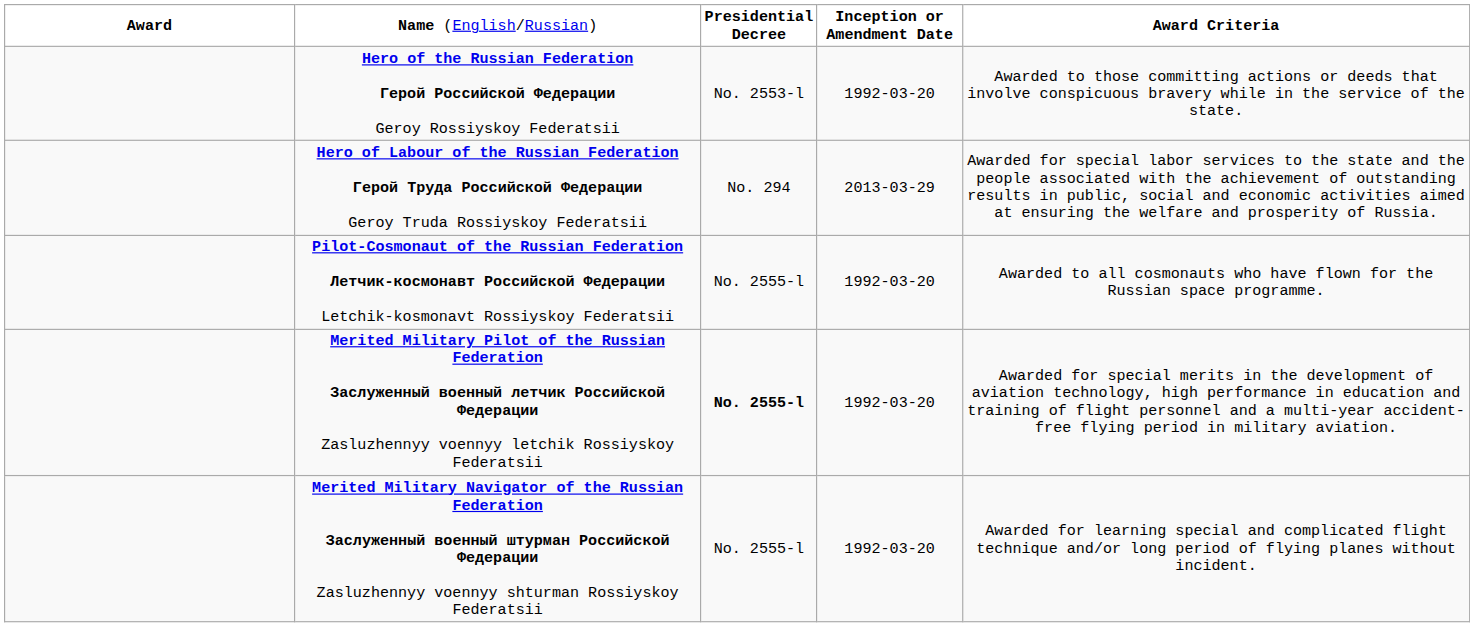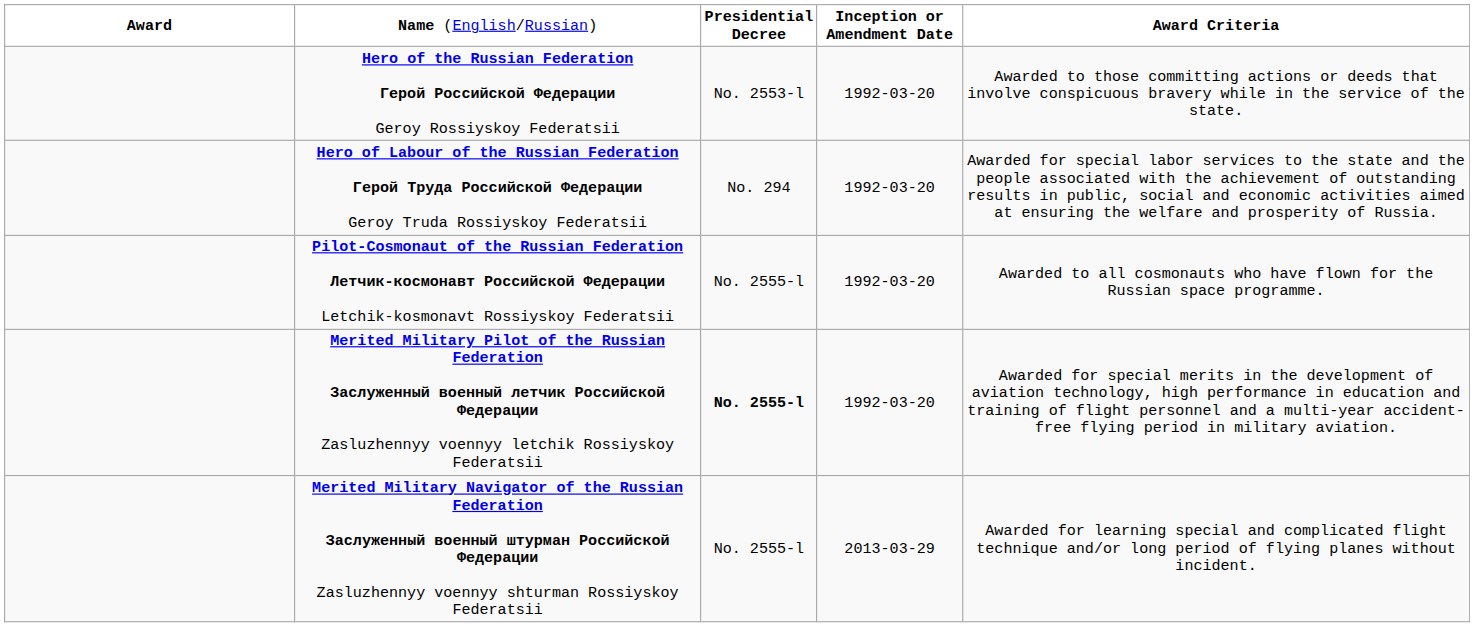 <table class="wikitable sortable" width="100%" style="text-align:center;">
 <tr>
 <td width="20%" bgcolor="#FFFFFF"><strong>Award</strong></td>
 <td width="28%" bgcolor="#FFFFFF"><strong>Name</strong> (<a href='#'>English</a>/<a href='#'>Russian</a>)</td>
 <td bgcolor="#FFFFFF" width="7%"><strong>Presidential Decree</strong></td>
 <td width="10%" bgcolor="#FFFFFF"><strong>Inception or Amendment Date</strong></td>
 <td width="35%" bgcolor="#FFFFFF"><strong>Award Criteria</strong></td>
 </tr>
 <tr>
 <td></td>
 <td><strong><a href='#'>Hero of the Russian Federation</a></strong><br><br><strong>Герой Российской Федерации</strong><br><br>Geroy Rossiyskoy Federatsii<br></td>
 <td>No. 2553-l</td>
 <td>1992-03-20</td>
 <td>Awarded to those committing actions or deeds that involve conspicuous bravery while in the service of the state.</td>
 </tr>
 <tr>
 <td></td>
 <td><strong><a href='#'>Hero of Labour of the Russian Federation</a></strong><br><br><strong>Герой Труда Российской Федерации</strong><br><br>Geroy Truda Rossiyskoy Federatsii<br></td>
 <td>No. 294</td>
-<td>2013-03-29</td>
+<td>1992-03-20</td>
 <td>Awarded for special labor services to the state and the people associated with the achievement of outstanding results in public, social and economic activities aimed at ensuring the welfare and prosperity of Russia.</td>
 </tr>
 <tr>
 <td></td>
 <td><strong><a href='#'>Pilot-Cosmonaut of the Russian Federation</a></strong><br><br><strong>Летчик-космонавт Российской Федерации</strong><br><br>Letchik-kosmonavt Rossiyskoy Federatsii</td>
 <td>No. 2555-l</td>
 <td>1992-03-20</td>
 <td>Awarded to all cosmonauts who have flown for the Russian space programme.</td>
 </tr>
 <tr>
 <td></td>
 <td><strong><a href='#'>Merited Military Pilot of the Russian Federation</a></strong><br><br><strong>Заслуженный военный летчик Российской Федерации</strong><br><br>Zasluzhennyy voennyy letchik Rossiyskoy Federatsii</td>
 <td><strong>No. 2555-l</strong></td>
 <td>1992-03-20</td>
 <td>Awarded for special merits in the development of aviation technology, high performance in education and training of flight personnel and a multi-year accident-free flying period in military aviation.</td>
 </tr>
 <tr>
 <td></td>
 <td><strong><a href='#'>Merited Military Navigator of the Russian Federation</a></strong><br><br><strong>Заслуженный военный штурман Российской Федерации</strong><br><br>Zasluzhennyy voennyy shturman Rossiyskoy Federatsii</td>
 <td>No. 2555-l</td>
-<td>1992-03-20</td>
+<td>2013-03-29</td>
 <td>Awarded for learning special and complicated flight technique and/or long period of flying planes without incident.</td>
 </tr>
 </table>
